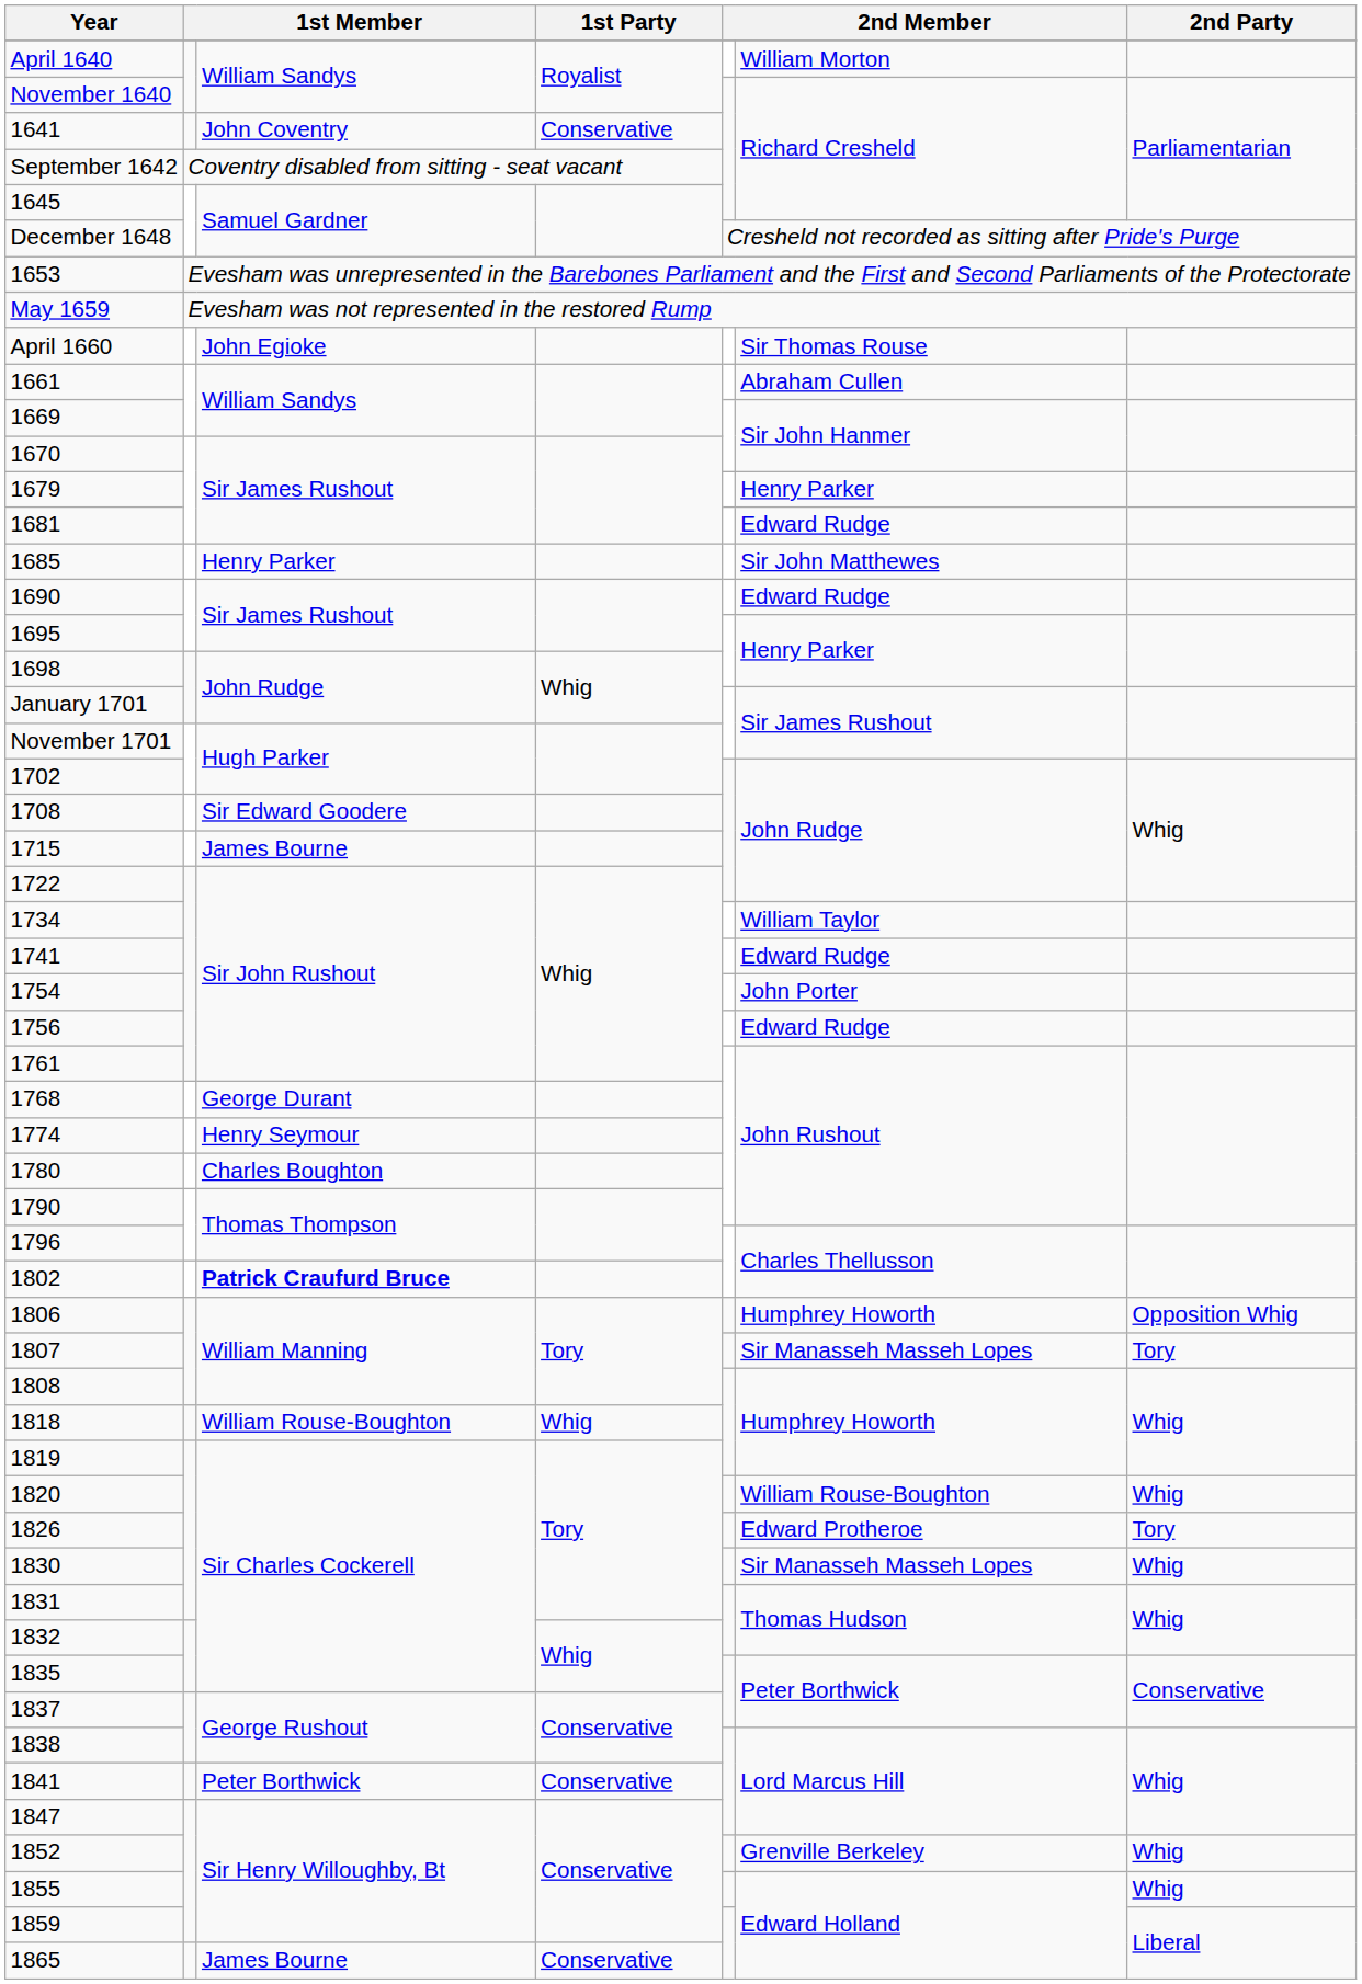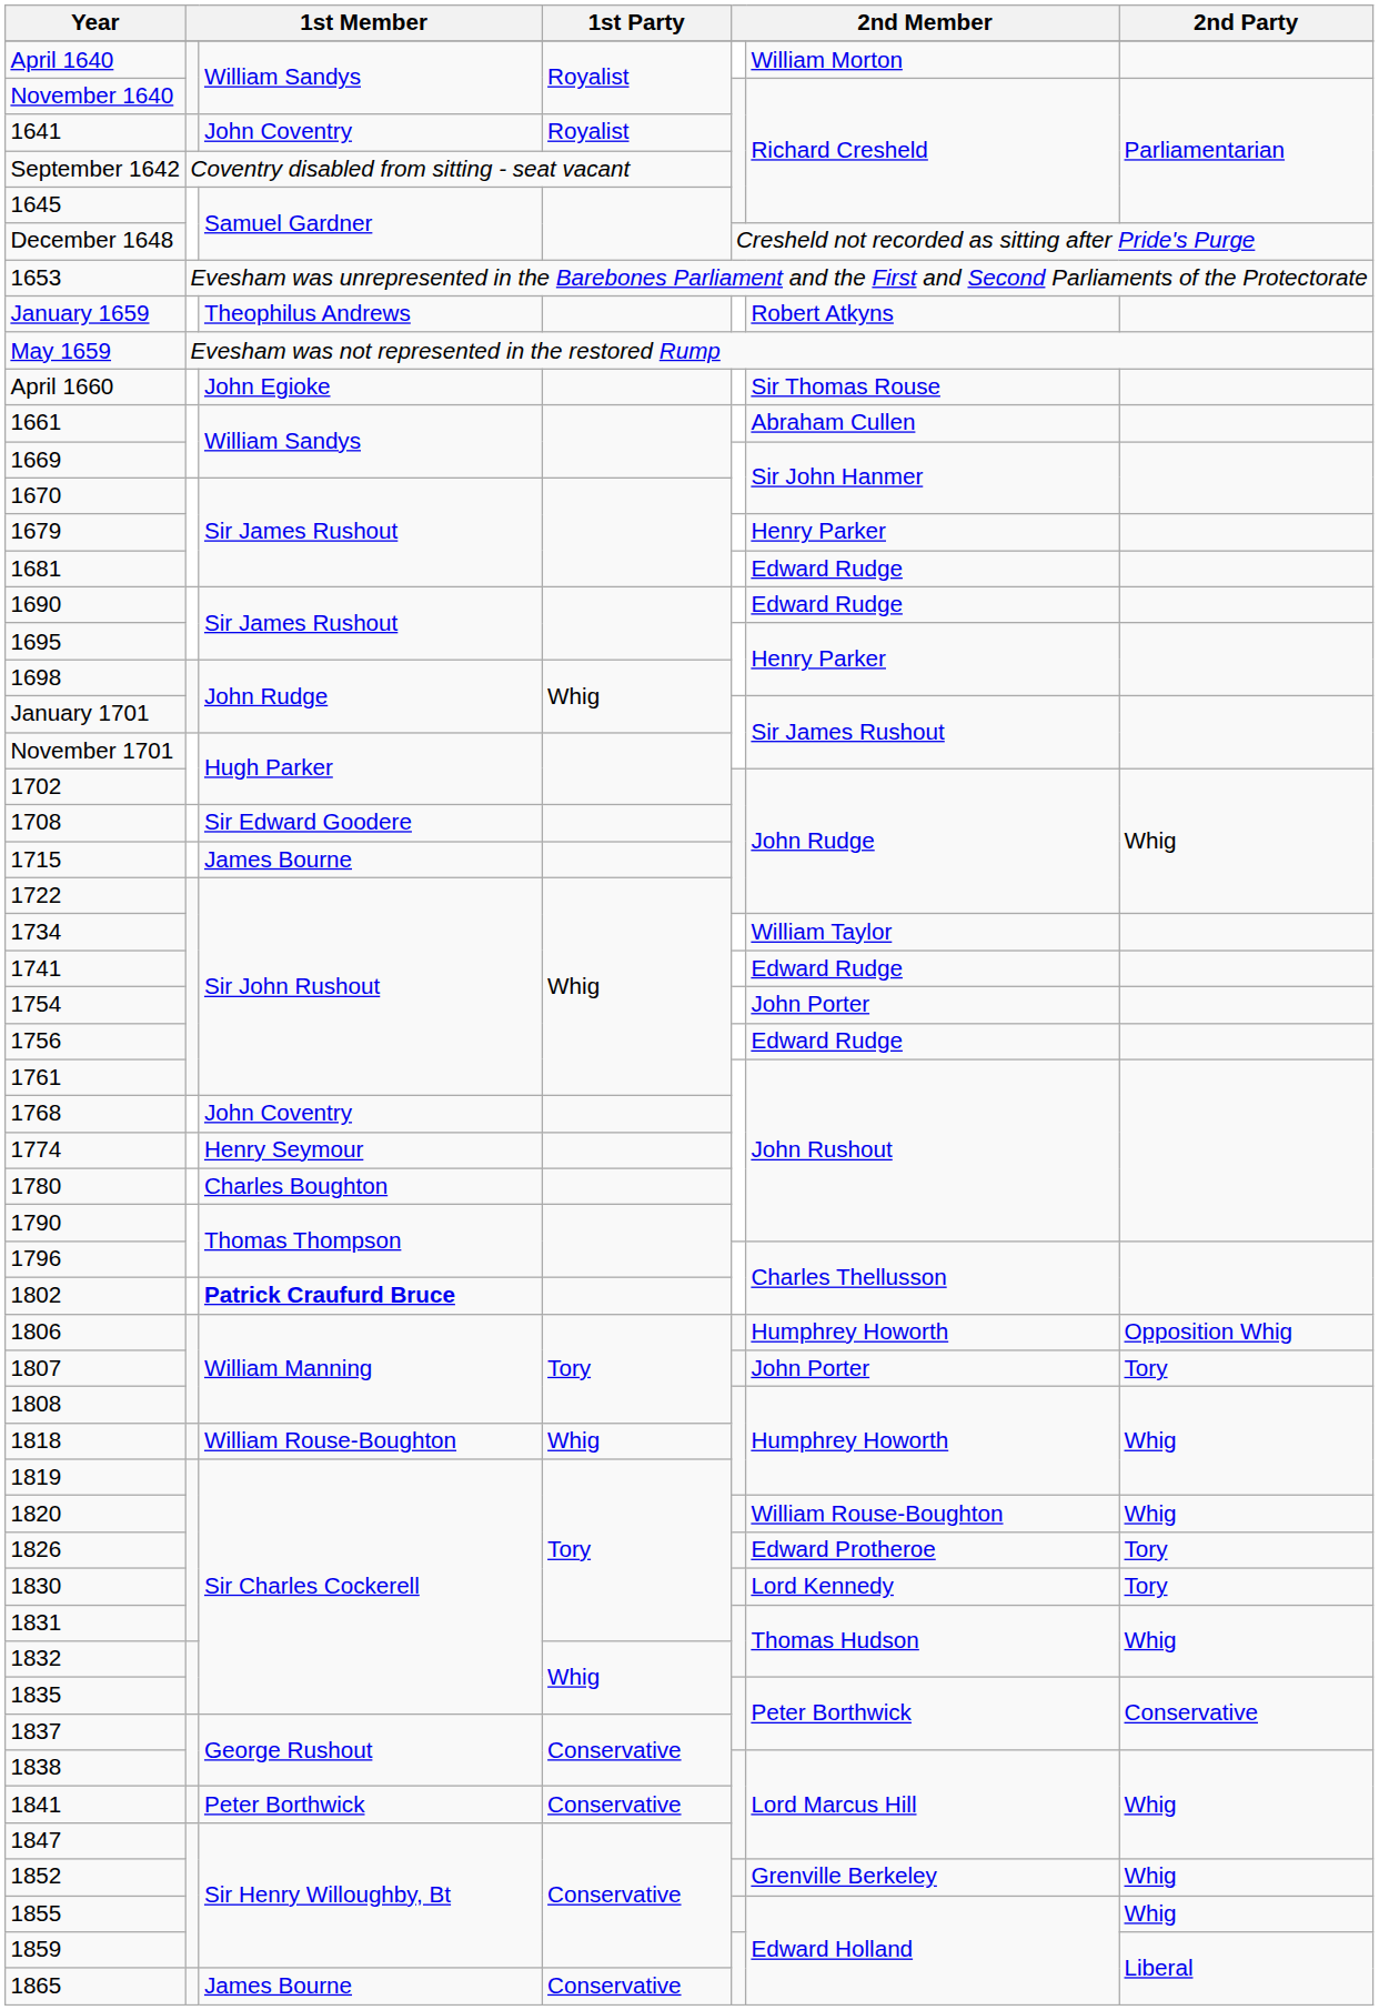 <table class="wikitable">
 <tr>
 <th>Year</th>
 <th colspan="2">1st Member</th>
 <th>1st Party</th>
 <th colspan="2">2nd Member</th>
 <th>2nd Party</th>
 </tr>
 <tr>
 </tr>
 <tr>
 <td><a href='#'>April 1640</a></td>
 <td rowspan="2" style="color:inherit;background-color: "></td>
 <td rowspan="2"><a href='#'>William Sandys</a></td>
 <td rowspan="2"><a href='#'>Royalist</a></td>
 <td style="color:inherit;background-color: white"></td>
 <td><a href='#'>William Morton</a></td>
 <td></td>
 </tr>
 <tr>
 <td><a href='#'>November 1640</a></td>
 <td rowspan="4" style="color:inherit;background-color: "></td>
 <td rowspan="4"><a href='#'>Richard Cresheld</a></td>
 <td rowspan="4"><a href='#'>Parliamentarian</a></td>
 </tr>
 <tr>
 <td>1641</td>
 <td style="color:inherit;background-color: "></td>
 <td><a href='#'>John Coventry</a></td>
-<td><a href='#'>Conservative</a></td>
+<td><a href='#'>Royalist</a></td>
 </tr>
 <tr>
 <td>September 1642</td>
 <td colspan="3"><em>Coventry disabled from sitting - seat vacant</em></td>
 </tr>
 <tr>
 <td>1645</td>
 <td rowspan="2" style="color:inherit;background-color: white"></td>
 <td rowspan="2"><a href='#'>Samuel Gardner</a></td>
 <td rowspan="2"></td>
 </tr>
 <tr>
 <td>December 1648</td>
 <td colspan="3"><em>Cresheld not recorded as sitting after <a href='#'>Pride's Purge</a></em></td>
 </tr>
 <tr>
 <td>1653</td>
 <td colspan="6"><em>Evesham was unrepresented in the <a href='#'>Barebones Parliament</a> and the <a href='#'>First</a> and <a href='#'>Second</a> Parliaments of the Protectorate</em></td>
+</tr>
+<tr>
+<td><a href='#'>January 1659</a></td>
+<td style="color:inherit;background-color: white"></td>
+<td><a href='#'>Theophilus Andrews</a></td>
+<td></td>
+<td style="color:inherit;background-color: white"></td>
+<td><a href='#'>Robert Atkyns</a></td>
+<td></td>
 </tr>
 <tr>
 <td><a href='#'>May 1659</a></td>
 <td colspan="6"><em>Evesham was not represented in the restored <a href='#'>Rump</a></em></td>
 </tr>
 <tr>
 <td>April 1660</td>
 <td style="color:inherit;background-color: white"></td>
 <td><a href='#'>John Egioke</a></td>
 <td></td>
 <td style="color:inherit;background-color: white"></td>
 <td><a href='#'>Sir Thomas Rouse</a></td>
 <td></td>
 </tr>
 <tr>
 <td>1661</td>
 <td rowspan="2" style="color:inherit;background-color: white"></td>
 <td rowspan="2"><a href='#'>William Sandys</a></td>
 <td rowspan="2"></td>
 <td style="color:inherit;background-color: white"></td>
 <td><a href='#'>Abraham Cullen</a></td>
 <td></td>
 </tr>
 <tr>
 <td>1669</td>
 <td rowspan="2" style="color:inherit;background-color: white"></td>
 <td rowspan="2"><a href='#'>Sir John Hanmer</a></td>
 <td rowspan="2"></td>
 </tr>
 <tr>
 <td>1670</td>
 <td rowspan="3" style="color:inherit;background-color: white"></td>
 <td rowspan="3"><a href='#'>Sir James Rushout</a></td>
 <td rowspan="3"></td>
 </tr>
 <tr>
 <td>1679</td>
 <td style="color:inherit;background-color: white"></td>
 <td><a href='#'>Henry Parker</a></td>
 <td></td>
 </tr>
 <tr>
 <td>1681</td>
 <td style="color:inherit;background-color: white"></td>
 <td><a href='#'>Edward Rudge</a></td>
-<td></td>
-</tr>
-<tr>
-<td>1685</td>
-<td style="color:inherit;background-color: white"></td>
-<td><a href='#'>Henry Parker</a></td>
-<td></td>
-<td style="color:inherit;background-color: white"></td>
-<td><a href='#'>Sir John Matthewes</a></td>
 <td></td>
 </tr>
 <tr>
 <td>1690</td>
 <td rowspan="2" style="color:inherit;background-color: white"></td>
 <td rowspan="2"><a href='#'>Sir James Rushout</a></td>
 <td rowspan="2"></td>
 <td style="color:inherit;background-color: white"></td>
 <td><a href='#'>Edward Rudge</a></td>
 <td></td>
 </tr>
 <tr>
 <td>1695</td>
 <td rowspan="2" style="color:inherit;background-color: white"></td>
 <td rowspan="2"><a href='#'>Henry Parker</a></td>
 <td rowspan="2"></td>
 </tr>
 <tr>
 <td>1698</td>
 <td rowspan="2" style="color:inherit;background-color: "></td>
 <td rowspan="2"><a href='#'>John Rudge</a></td>
 <td rowspan="2">Whig</td>
 </tr>
 <tr>
 <td>January 1701</td>
 <td rowspan="2" style="color:inherit;background-color: white"></td>
 <td rowspan="2"><a href='#'>Sir James Rushout</a></td>
 <td rowspan="2"></td>
 </tr>
 <tr>
 <td>November 1701</td>
 <td rowspan="2" style="color:inherit;background-color: white"></td>
 <td rowspan="2"><a href='#'>Hugh Parker</a></td>
 <td rowspan="2"></td>
 </tr>
 <tr>
 <td>1702</td>
 <td rowspan="4" style="color:inherit;background-color: "></td>
 <td rowspan="4"><a href='#'>John Rudge</a></td>
 <td rowspan="4">Whig</td>
 </tr>
 <tr>
 <td>1708</td>
 <td style="color:inherit;background-color: white"></td>
 <td><a href='#'>Sir Edward Goodere</a></td>
 <td></td>
 </tr>
 <tr>
 <td>1715</td>
 <td style="color:inherit;background-color: white"></td>
 <td><a href='#'>James Bourne</a></td>
 <td></td>
 </tr>
 <tr>
 <td>1722</td>
 <td rowspan="6" style="color:inherit;background-color: "></td>
 <td rowspan="6"><a href='#'>Sir John Rushout</a></td>
 <td rowspan="6">Whig</td>
 </tr>
 <tr>
 <td>1734</td>
 <td style="color:inherit;background-color: white"></td>
 <td><a href='#'>William Taylor</a></td>
 <td></td>
 </tr>
 <tr>
 <td>1741</td>
 <td style="color:inherit;background-color: white"></td>
 <td><a href='#'>Edward Rudge</a></td>
 <td></td>
 </tr>
 <tr>
 <td>1754</td>
 <td style="color:inherit;background-color: white"></td>
 <td><a href='#'>John Porter</a></td>
 <td></td>
 </tr>
 <tr>
 <td>1756</td>
 <td style="color:inherit;background-color: white"></td>
 <td><a href='#'>Edward Rudge</a></td>
 <td></td>
 </tr>
 <tr>
 <td>1761</td>
 <td rowspan="5" style="color:inherit;background-color: white"></td>
 <td rowspan="5"><a href='#'>John Rushout</a></td>
 <td rowspan="5"></td>
 </tr>
 <tr>
 <td>1768</td>
 <td style="color:inherit;background-color: white"></td>
-<td><a href='#'>George Durant</a></td>
+<td><a href='#'>John Coventry</a></td>
 <td></td>
 </tr>
 <tr>
 <td>1774</td>
 <td style="color:inherit;background-color: white"></td>
 <td><a href='#'>Henry Seymour</a></td>
 <td></td>
 </tr>
 <tr>
 <td>1780</td>
 <td style="color:inherit;background-color: white"></td>
 <td><a href='#'>Charles Boughton</a></td>
 <td></td>
 </tr>
 <tr>
 <td>1790</td>
 <td rowspan="2" style="color:inherit;background-color: white"></td>
 <td rowspan="2"><a href='#'>Thomas Thompson</a></td>
 <td rowspan="2"></td>
 </tr>
 <tr>
 <td>1796</td>
 <td rowspan="2" style="color:inherit;background-color: white"></td>
 <td rowspan="2"><a href='#'>Charles Thellusson</a></td>
 <td rowspan="2"></td>
 </tr>
 <tr>
 <td>1802</td>
 <td style="color:inherit;background-color: white"></td>
 <td><strong><a href='#'>Patrick Craufurd Bruce</a></strong></td>
 <td></td>
 </tr>
 <tr>
 <td>1806</td>
 <td rowspan="3" style="color:inherit;background-color: "></td>
 <td rowspan="3"><a href='#'>William Manning</a></td>
 <td rowspan="3"><a href='#'>Tory</a></td>
 <td style="color:inherit;background-color: "></td>
 <td><a href='#'>Humphrey Howorth</a></td>
 <td><a href='#'>Opposition Whig</a></td>
 </tr>
 <tr>
 <td>1807</td>
 <td style="color:inherit;background-color: "></td>
-<td><a href='#'>Sir Manasseh Masseh Lopes</a></td>
+<td><a href='#'>John Porter</a></td>
 <td><a href='#'>Tory</a></td>
 </tr>
 <tr>
 <td>1808</td>
 <td rowspan="3" style="color:inherit;background-color: "></td>
 <td rowspan="3"><a href='#'>Humphrey Howorth</a></td>
 <td rowspan="3"><a href='#'>Whig</a></td>
 </tr>
 <tr>
 <td>1818</td>
 <td style="color:inherit;background-color: "></td>
 <td><a href='#'>William Rouse-Boughton</a></td>
 <td><a href='#'>Whig</a></td>
 </tr>
 <tr>
 <td>1819</td>
 <td rowspan="5" style="color:inherit;background-color: "></td>
 <td rowspan="7"><a href='#'>Sir Charles Cockerell</a></td>
 <td rowspan="5"><a href='#'>Tory</a></td>
 </tr>
 <tr>
 <td>1820</td>
 <td style="color:inherit;background-color: "></td>
 <td><a href='#'>William Rouse-Boughton</a></td>
 <td><a href='#'>Whig</a></td>
 </tr>
 <tr>
 <td>1826</td>
 <td style="color:inherit;background-color: "></td>
 <td><a href='#'>Edward Protheroe</a></td>
 <td><a href='#'>Tory</a></td>
 </tr>
 <tr>
 <td>1830</td>
 <td style="color:inherit;background-color: "></td>
-<td><a href='#'>Sir Manasseh Masseh Lopes</a></td>
-<td><a href='#'>Whig</a></td>
+<td><a href='#'>Lord Kennedy</a></td>
+<td><a href='#'>Tory</a></td>
 </tr>
 <tr>
 <td>1831</td>
 <td rowspan="2" style="color:inherit;background-color: "></td>
 <td rowspan="2"><a href='#'>Thomas Hudson</a></td>
 <td rowspan="2"><a href='#'>Whig</a></td>
 </tr>
 <tr>
 <td>1832</td>
 <td rowspan="2" style="color:inherit;background-color: "></td>
 <td rowspan="2"><a href='#'>Whig</a></td>
 </tr>
 <tr>
 <td>1835</td>
 <td rowspan="2" style="color:inherit;background-color: "></td>
 <td rowspan="2"><a href='#'>Peter Borthwick</a></td>
 <td rowspan="2"><a href='#'>Conservative</a></td>
 </tr>
 <tr>
 <td>1837</td>
 <td rowspan="2" style="color:inherit;background-color: "></td>
 <td rowspan="2"><a href='#'>George Rushout</a></td>
 <td rowspan="2"><a href='#'>Conservative</a></td>
 </tr>
 <tr>
 <td>1838</td>
 <td rowspan="3" style="color:inherit;background-color: "></td>
 <td rowspan="3"><a href='#'>Lord Marcus Hill</a></td>
 <td rowspan="3"><a href='#'>Whig</a></td>
 </tr>
 <tr>
 <td>1841</td>
 <td style="color:inherit;background-color: "></td>
 <td><a href='#'>Peter Borthwick</a></td>
 <td><a href='#'>Conservative</a></td>
 </tr>
 <tr>
 <td>1847</td>
 <td rowspan="4" style="color:inherit;background-color: "></td>
 <td rowspan="4"><a href='#'>Sir Henry Willoughby, Bt</a></td>
 <td rowspan="4"><a href='#'>Conservative</a></td>
 </tr>
 <tr>
 <td>1852</td>
 <td style="color:inherit;background-color: "></td>
 <td><a href='#'>Grenville Berkeley</a></td>
 <td><a href='#'>Whig</a></td>
 </tr>
 <tr>
 <td>1855</td>
 <td style="color:inherit;background-color: "></td>
 <td rowspan="3"><a href='#'>Edward Holland</a></td>
 <td><a href='#'>Whig</a></td>
 </tr>
 <tr>
 <td>1859</td>
 <td rowspan="2" style="color:inherit;background-color: "></td>
 <td rowspan="2"><a href='#'>Liberal</a></td>
 </tr>
 <tr>
 <td>1865</td>
 <td style="color:inherit;background-color: "></td>
 <td><a href='#'>James Bourne</a></td>
 <td><a href='#'>Conservative</a></td>
 </tr>
 </table>
